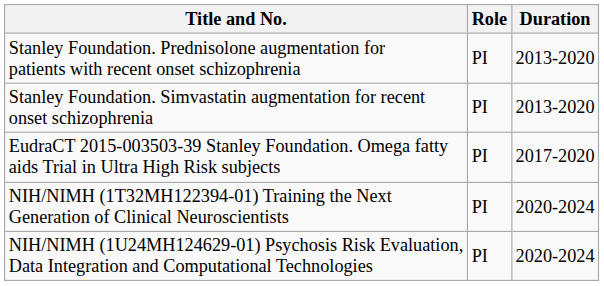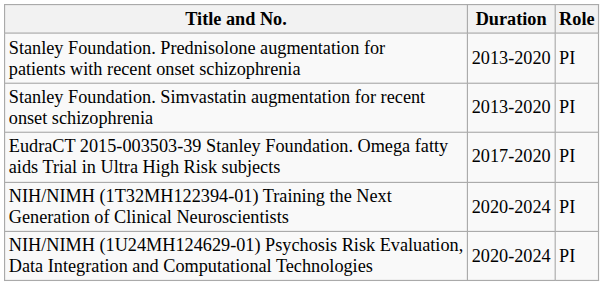 <table class="wikitable">
 <tr>
 <th>Title and No.</th>
+<th>Duration</th>
 <th>Role</th>
-<th>Duration</th>
 </tr>
 <tr>
 <td>Stanley Foundation. Prednisolone augmentation for<br>patients with recent onset schizophrenia</td>
+<td>2013-2020</td>
 <td>PI</td>
-<td>2013-2020</td>
 </tr>
 <tr>
 <td>Stanley Foundation. Simvastatin augmentation for recent<br>onset schizophrenia</td>
+<td>2013-2020</td>
 <td>PI</td>
-<td>2013-2020</td>
 </tr>
 <tr>
 <td>EudraCT 2015-003503-39 Stanley Foundation. Omega fatty<br>aids Trial in Ultra High Risk subjects</td>
+<td>2017-2020</td>
 <td>PI</td>
-<td>2017-2020</td>
 </tr>
 <tr>
 <td>NIH/NIMH (1T32MH122394-01) Training the Next<br>Generation of Clinical Neuroscientists</td>
+<td>2020-2024</td>
 <td>PI</td>
-<td>2020-2024</td>
 </tr>
 <tr>
 <td>NIH/NIMH (1U24MH124629-01) Psychosis Risk Evaluation,<br>Data Integration and Computational Technologies</td>
+<td>2020-2024</td>
 <td>PI</td>
-<td>2020-2024</td>
 </tr>
 </table>
